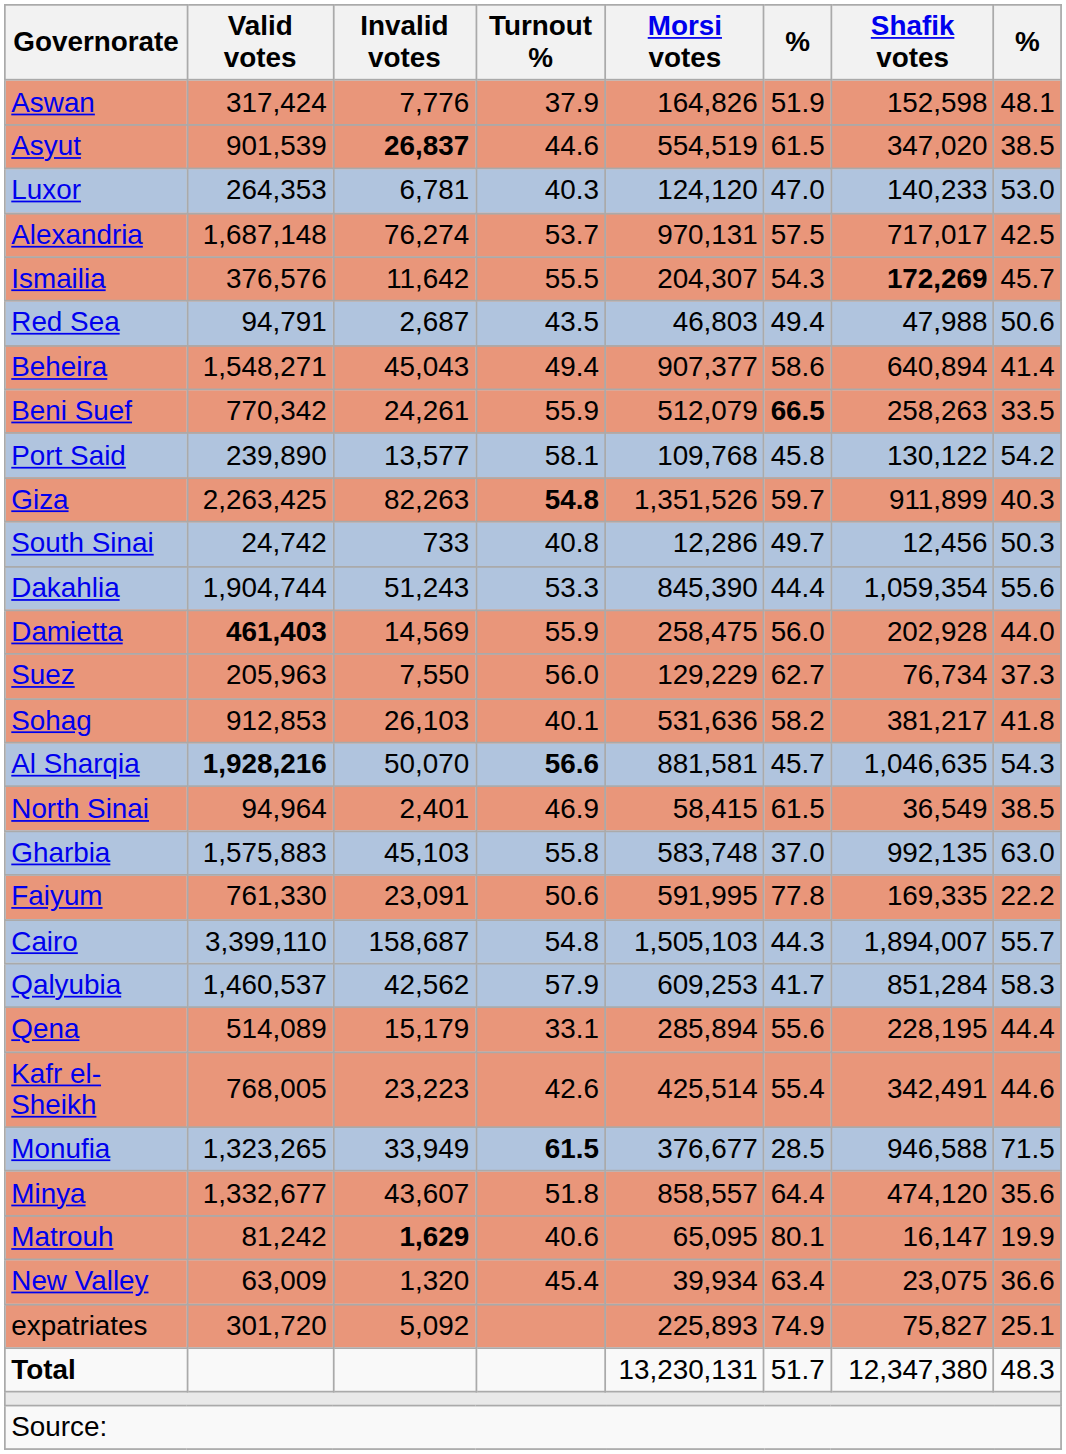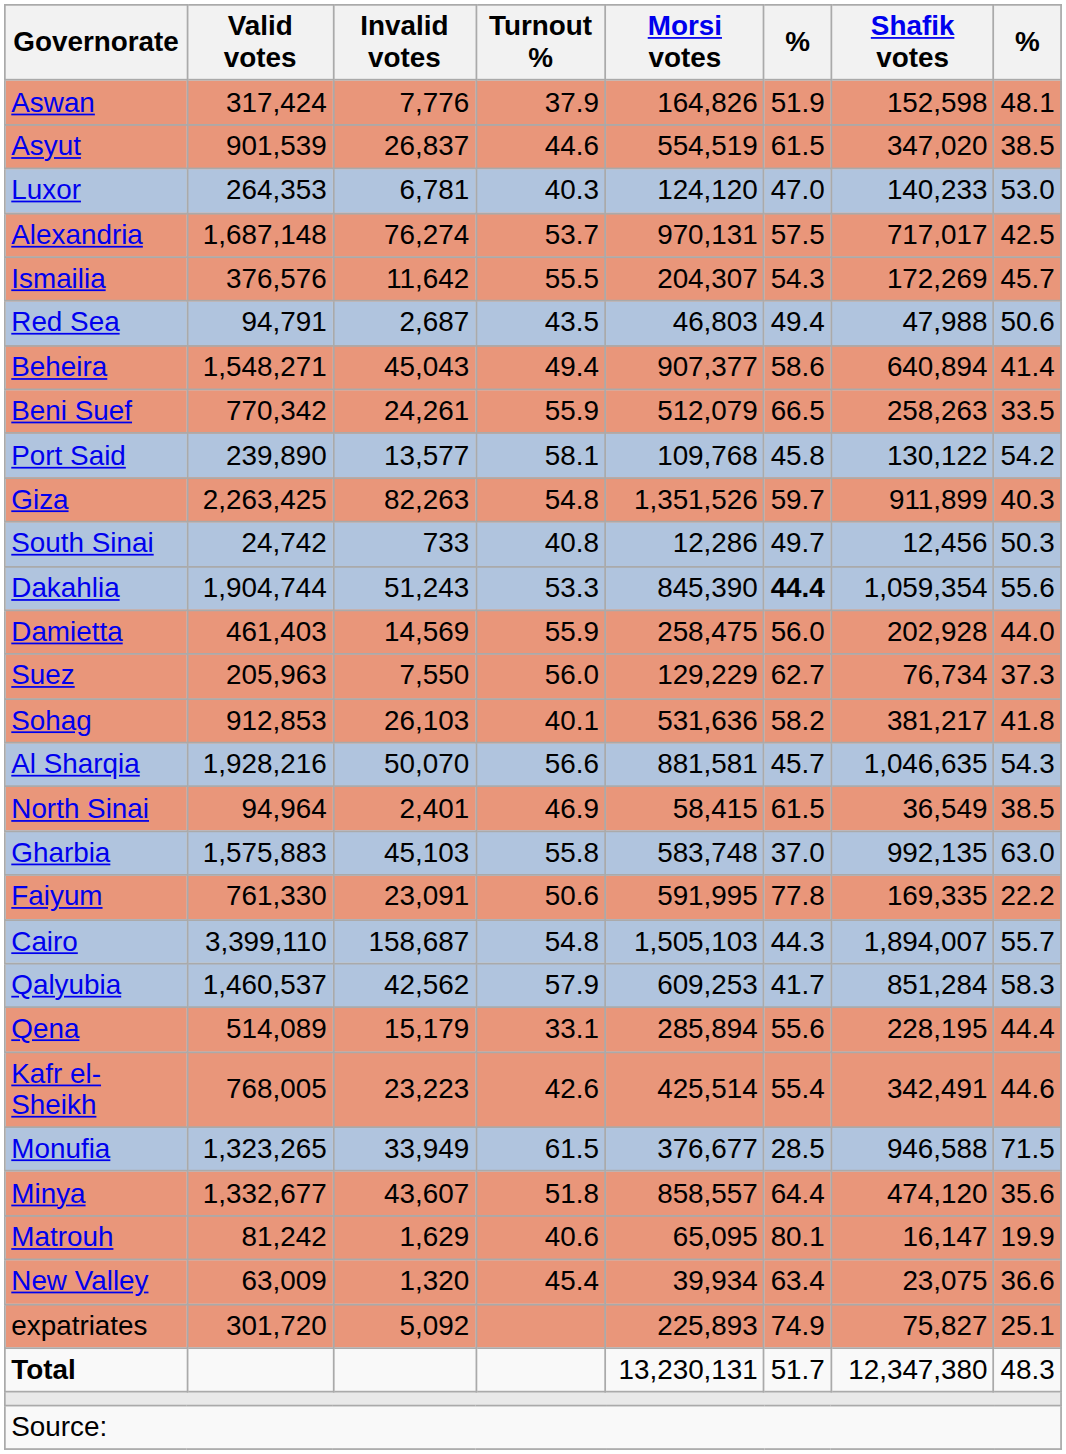 <table class="wikitable sortable" style=text-align:right>
 <tr>
 <th>Governorate</th>
 <th>Valid votes</th>
 <th>Invalid votes</th>
 <th>Turnout %</th>
 <th><a href='#'>Morsi</a> votes</th>
 <th>%</th>
 <th><a href='#'>Shafik</a> votes</th>
 <th>%</th>
 </tr>
 <tr style="background:#E9967A">
 <td align=left><a href='#'>Aswan</a></td>
 <td>317,424</td>
 <td>7,776</td>
 <td>37.9</td>
 <td>164,826</td>
 <td>51.9</td>
 <td>152,598</td>
 <td>48.1</td>
 </tr>
 <tr style="background:#E9967A">
 <td align=left><a href='#'>Asyut</a></td>
 <td>901,539</td>
-<td><strong>26,837</strong></td>
+<td>26,837</td>
 <td>44.6</td>
 <td>554,519</td>
 <td>61.5</td>
 <td>347,020</td>
 <td>38.5</td>
 </tr>
 <tr style="background:#B0C4DE">
 <td align=left><a href='#'>Luxor</a></td>
 <td>264,353</td>
 <td>6,781</td>
 <td>40.3</td>
 <td>124,120</td>
 <td>47.0</td>
 <td>140,233</td>
 <td>53.0</td>
 </tr>
 <tr style="background:#E9967A">
 <td align=left><a href='#'>Alexandria</a></td>
 <td>1,687,148</td>
 <td>76,274</td>
 <td>53.7</td>
 <td>970,131</td>
 <td>57.5</td>
 <td>717,017</td>
 <td>42.5</td>
 </tr>
 <tr style="background:#E9967A">
 <td align=left><a href='#'>Ismailia</a></td>
 <td>376,576</td>
 <td>11,642</td>
 <td>55.5</td>
 <td>204,307</td>
 <td>54.3</td>
-<td><strong>172,269</strong></td>
+<td>172,269</td>
 <td>45.7</td>
 </tr>
 <tr style="background:#B0C4DE">
 <td align=left><a href='#'>Red Sea</a></td>
 <td>94,791</td>
 <td>2,687</td>
 <td>43.5</td>
 <td>46,803</td>
 <td>49.4</td>
 <td>47,988</td>
 <td>50.6</td>
 </tr>
 <tr style="background:#E9967A">
 <td align=left><a href='#'>Beheira</a></td>
 <td>1,548,271</td>
 <td>45,043</td>
 <td>49.4</td>
 <td>907,377</td>
 <td>58.6</td>
 <td>640,894</td>
 <td>41.4</td>
 </tr>
 <tr style="background:#E9967A">
 <td align=left><a href='#'>Beni Suef</a></td>
 <td>770,342</td>
 <td>24,261</td>
 <td>55.9</td>
 <td>512,079</td>
-<td><strong>66.5</strong></td>
+<td>66.5</td>
 <td>258,263</td>
 <td>33.5</td>
 </tr>
 <tr style="background:#B0C4DE">
 <td align=left><a href='#'>Port Said</a></td>
 <td>239,890</td>
 <td>13,577</td>
 <td>58.1</td>
 <td>109,768</td>
 <td>45.8</td>
 <td>130,122</td>
 <td>54.2</td>
 </tr>
 <tr style="background:#E9967A">
 <td align=left><a href='#'>Giza</a></td>
 <td>2,263,425</td>
 <td>82,263</td>
-<td><strong>54.8</strong></td>
+<td>54.8</td>
 <td>1,351,526</td>
 <td>59.7</td>
 <td>911,899</td>
 <td>40.3</td>
 </tr>
 <tr style="background:#B0C4DE">
 <td align=left><a href='#'>South Sinai</a></td>
 <td>24,742</td>
 <td>733</td>
 <td>40.8</td>
 <td>12,286</td>
 <td>49.7</td>
 <td>12,456</td>
 <td>50.3</td>
 </tr>
 <tr style="background:#B0C4DE">
 <td align=left><a href='#'>Dakahlia</a></td>
 <td>1,904,744</td>
 <td>51,243</td>
 <td>53.3</td>
 <td>845,390</td>
-<td>44.4</td>
+<td><strong>44.4</strong></td>
 <td>1,059,354</td>
 <td>55.6</td>
 </tr>
 <tr style="background:#E9967A">
 <td align=left><a href='#'>Damietta</a></td>
-<td><strong>461,403</strong></td>
+<td>461,403</td>
 <td>14,569</td>
 <td>55.9</td>
 <td>258,475</td>
 <td>56.0</td>
 <td>202,928</td>
 <td>44.0</td>
 </tr>
 <tr style="background:#E9967A">
 <td align=left><a href='#'>Suez</a></td>
 <td>205,963</td>
 <td>7,550</td>
 <td>56.0</td>
 <td>129,229</td>
 <td>62.7</td>
 <td>76,734</td>
 <td>37.3</td>
 </tr>
 <tr style="background:#E9967A">
 <td align=left><a href='#'>Sohag</a></td>
 <td>912,853</td>
 <td>26,103</td>
 <td>40.1</td>
 <td>531,636</td>
 <td>58.2</td>
 <td>381,217</td>
 <td>41.8</td>
 </tr>
 <tr style="background:#B0C4DE">
 <td align=left><a href='#'>Al Sharqia</a></td>
-<td><strong>1,928,216</strong></td>
+<td>1,928,216</td>
 <td>50,070</td>
-<td><strong>56.6</strong></td>
+<td>56.6</td>
 <td>881,581</td>
 <td>45.7</td>
 <td>1,046,635</td>
 <td>54.3</td>
 </tr>
 <tr style="background:#E9967A">
 <td align=left><a href='#'>North Sinai</a></td>
 <td>94,964</td>
 <td>2,401</td>
 <td>46.9</td>
 <td>58,415</td>
 <td>61.5</td>
 <td>36,549</td>
 <td>38.5</td>
 </tr>
 <tr style="background:#B0C4DE">
 <td align=left><a href='#'>Gharbia</a></td>
 <td>1,575,883</td>
 <td>45,103</td>
 <td>55.8</td>
 <td>583,748</td>
 <td>37.0</td>
 <td>992,135</td>
 <td>63.0</td>
 </tr>
 <tr style="background:#E9967A">
 <td align=left><a href='#'>Faiyum</a></td>
 <td>761,330</td>
 <td>23,091</td>
 <td>50.6</td>
 <td>591,995</td>
 <td>77.8</td>
 <td>169,335</td>
 <td>22.2</td>
 </tr>
 <tr style="background:#B0C4DE">
 <td align=left><a href='#'>Cairo</a></td>
 <td>3,399,110</td>
 <td>158,687</td>
 <td>54.8</td>
 <td>1,505,103</td>
 <td>44.3</td>
 <td>1,894,007</td>
 <td>55.7</td>
 </tr>
 <tr style="background:#B0C4DE">
 <td align=left><a href='#'>Qalyubia</a></td>
 <td>1,460,537</td>
 <td>42,562</td>
 <td>57.9</td>
 <td>609,253</td>
 <td>41.7</td>
 <td>851,284</td>
 <td>58.3</td>
 </tr>
 <tr style="background:#E9967A">
 <td align=left><a href='#'>Qena</a></td>
 <td>514,089</td>
 <td>15,179</td>
 <td>33.1</td>
 <td>285,894</td>
 <td>55.6</td>
 <td>228,195</td>
 <td>44.4</td>
 </tr>
 <tr style="background:#E9967A">
 <td align=left><a href='#'>Kafr el-Sheikh</a></td>
 <td>768,005</td>
 <td>23,223</td>
 <td>42.6</td>
 <td>425,514</td>
 <td>55.4</td>
 <td>342,491</td>
 <td>44.6</td>
 </tr>
 <tr style="background:#B0C4DE">
 <td align=left><a href='#'>Monufia</a></td>
 <td>1,323,265</td>
 <td>33,949</td>
-<td><strong>61.5</strong></td>
+<td>61.5</td>
 <td>376,677</td>
 <td>28.5</td>
 <td>946,588</td>
 <td>71.5</td>
 </tr>
 <tr style="background:#E9967A">
 <td align=left><a href='#'>Minya</a></td>
 <td>1,332,677</td>
 <td>43,607</td>
 <td>51.8</td>
 <td>858,557</td>
 <td>64.4</td>
 <td>474,120</td>
 <td>35.6</td>
 </tr>
 <tr style="background:#E9967A">
 <td align=left><a href='#'>Matrouh</a></td>
 <td>81,242</td>
-<td><strong>1,629</strong></td>
+<td>1,629</td>
 <td>40.6</td>
 <td>65,095</td>
 <td>80.1</td>
 <td>16,147</td>
 <td>19.9</td>
 </tr>
 <tr style="background:#E9967A">
 <td align=left><a href='#'>New Valley</a></td>
 <td>63,009</td>
 <td>1,320</td>
 <td>45.4</td>
 <td>39,934</td>
 <td>63.4</td>
 <td>23,075</td>
 <td>36.6</td>
 </tr>
 <tr style="background:#E9967A">
 <td align=left>expatriates</td>
 <td>301,720</td>
 <td>5,092</td>
 <td></td>
 <td>225,893</td>
 <td>74.9</td>
 <td>75,827</td>
 <td>25.1</td>
 </tr>
 <tr class="sortbottom"|style="background:#">
 <td align=left><strong>Total</strong></td>
 <td></td>
 <td></td>
 <td></td>
 <td>13,230,131</td>
 <td>51.7</td>
 <td>12,347,380</td>
 <td>48.3</td>
 </tr>
 <tr class="sortbottom">
 <td colspan="14" style="background:#e9e9e9;"></td>
 </tr>
 <tr class="sortbottom">
 <td align=left colspan="14" align=left>Source:</td>
 </tr>
 </table>
